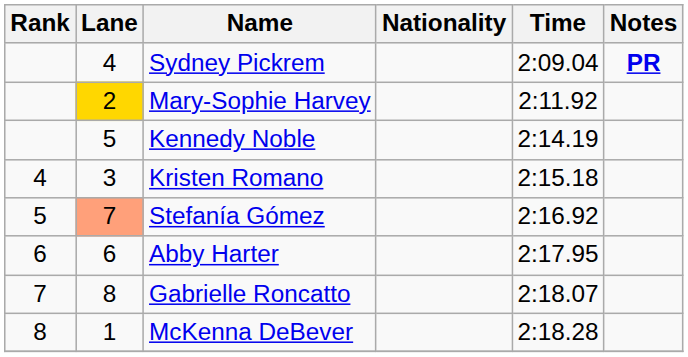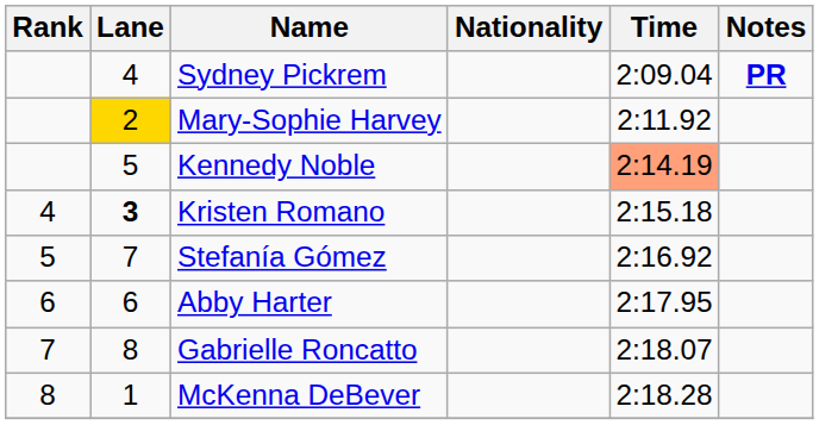 <table class="wikitable sortable" style="text-align:center">
 <tr>
 <th>Rank</th>
 <th>Lane</th>
 <th>Name</th>
 <th>Nationality</th>
 <th>Time</th>
 <th>Notes</th>
 </tr>
 <tr>
 <td></td>
 <td>4</td>
 <td align="left"><a href='#'>Sydney Pickrem</a></td>
 <td align="left"></td>
 <td>2:09.04</td>
 <td><strong><a href='#'>PR</a></strong></td>
 </tr>
 <tr>
 <td></td>
 <td style="background: gold;">2</td>
 <td align="left"><a href='#'>Mary-Sophie Harvey</a></td>
 <td align="left"></td>
 <td>2:11.92</td>
 <td></td>
 </tr>
 <tr>
 <td></td>
 <td>5</td>
 <td align="left"><a href='#'>Kennedy Noble</a></td>
 <td align="left"></td>
-<td>2:14.19</td>
+<td style="background: lightsalmon;">2:14.19</td>
 <td></td>
 </tr>
 <tr>
 <td>4</td>
-<td>3</td>
+<td><strong>3</strong></td>
 <td align="left"><a href='#'>Kristen Romano</a></td>
 <td align="left"></td>
 <td>2:15.18</td>
 <td></td>
 </tr>
 <tr>
 <td>5</td>
-<td style="background: lightsalmon;">7</td>
+<td>7</td>
 <td align="left"><a href='#'>Stefanía Gómez</a></td>
 <td align="left"></td>
 <td>2:16.92</td>
 <td></td>
 </tr>
 <tr>
 <td>6</td>
 <td>6</td>
 <td align="left"><a href='#'>Abby Harter</a></td>
 <td align="left"></td>
 <td>2:17.95</td>
 <td></td>
 </tr>
 <tr>
 <td>7</td>
 <td>8</td>
 <td align="left"><a href='#'>Gabrielle Roncatto</a></td>
 <td align="left"></td>
 <td>2:18.07</td>
 <td></td>
 </tr>
 <tr>
 <td>8</td>
 <td>1</td>
 <td align="left"><a href='#'>McKenna DeBever</a></td>
 <td align="left"></td>
 <td>2:18.28</td>
 <td></td>
 </tr>
 <tr>
 </tr>
 </table>
